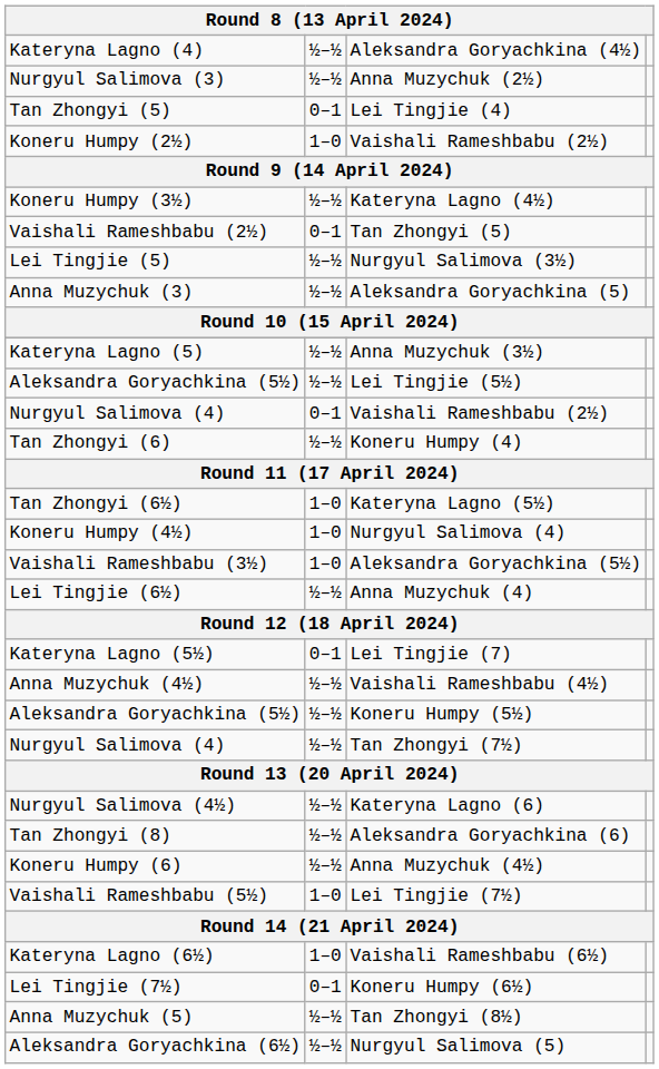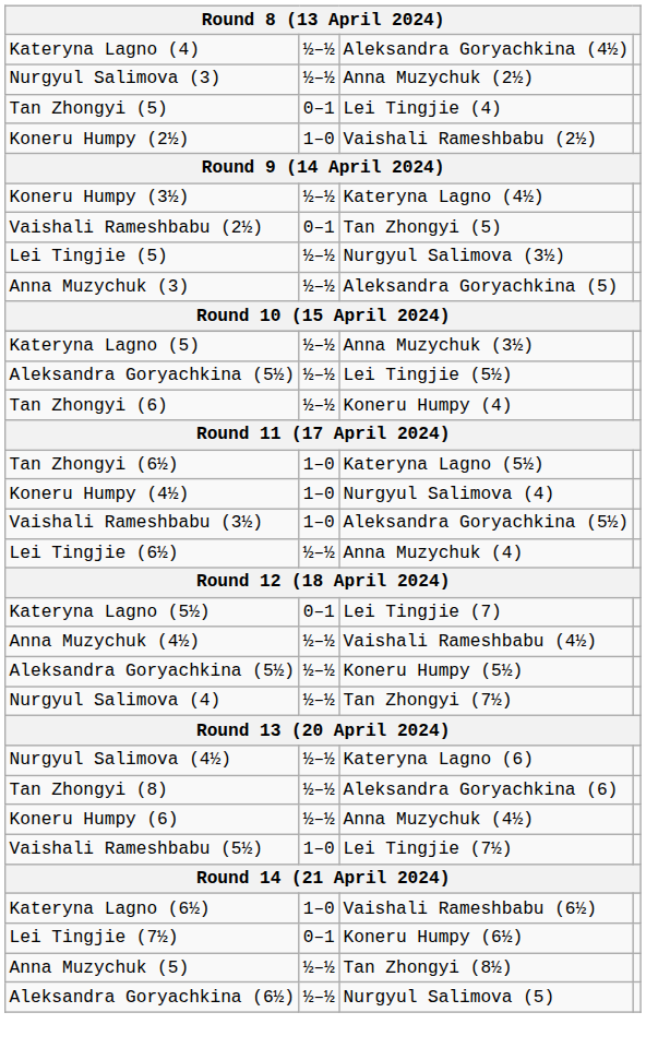 <table class="wikitable mw-collapsible" style="display:inline-table; font-size: 90%">
 <tr>
 <th colspan="4">Round 8 (13 April 2024)</th>
 </tr>
 <tr>
 <td>Kateryna Lagno (4)</td>
 <td>½–½</td>
 <td>Aleksandra Goryachkina (4½)</td>
 <td></td>
 </tr>
 <tr>
 <td>Nurgyul Salimova (3)</td>
 <td>½–½</td>
 <td>Anna Muzychuk (2½)</td>
 <td></td>
 </tr>
 <tr>
 <td>Tan Zhongyi (5)</td>
 <td>0–1</td>
 <td>Lei Tingjie (4)</td>
 <td></td>
 </tr>
 <tr>
 <td>Koneru Humpy (2½)</td>
 <td>1–0</td>
 <td>Vaishali Rameshbabu (2½)</td>
 <td></td>
 </tr>
 <tr>
 <th colspan="4">Round 9 (14 April 2024)</th>
 </tr>
 <tr>
 <td>Koneru Humpy (3½)</td>
 <td>½–½</td>
 <td>Kateryna Lagno (4½)</td>
 <td></td>
 </tr>
 <tr>
 <td>Vaishali Rameshbabu (2½)</td>
 <td>0–1</td>
 <td>Tan Zhongyi (5)</td>
 <td></td>
 </tr>
 <tr>
 <td>Lei Tingjie (5)</td>
 <td>½–½</td>
 <td>Nurgyul Salimova (3½)</td>
 <td></td>
 </tr>
 <tr>
 <td>Anna Muzychuk (3)</td>
 <td>½–½</td>
 <td>Aleksandra Goryachkina (5)</td>
 <td></td>
 </tr>
 <tr>
 <th colspan="4">Round 10 (15 April 2024)</th>
 </tr>
 <tr>
 </tr>
 <tr>
 <td>Kateryna Lagno (5)</td>
 <td>½–½</td>
 <td>Anna Muzychuk (3½)</td>
 <td></td>
 </tr>
 <tr>
 <td>Aleksandra Goryachkina (5½)</td>
 <td>½–½</td>
 <td>Lei Tingjie (5½)</td>
-<td></td>
-</tr>
-<tr>
-<td>Nurgyul Salimova (4)</td>
-<td>0–1</td>
-<td>Vaishali Rameshbabu (2½)</td>
 <td></td>
 </tr>
 <tr>
 <td>Tan Zhongyi (6)</td>
 <td>½–½</td>
 <td>Koneru Humpy (4)</td>
 <td></td>
 </tr>
 <tr>
 <th colspan="4">Round 11 (17 April 2024)</th>
 </tr>
 <tr>
 <td>Tan Zhongyi (6½)</td>
 <td>1–0</td>
 <td>Kateryna Lagno (5½)</td>
 <td></td>
 </tr>
 <tr>
 <td>Koneru Humpy (4½)</td>
 <td>1–0</td>
 <td>Nurgyul Salimova (4)</td>
 <td></td>
 </tr>
 <tr>
 <td>Vaishali Rameshbabu (3½)</td>
 <td>1–0</td>
 <td>Aleksandra Goryachkina (5½)</td>
 <td></td>
 </tr>
 <tr>
 <td>Lei Tingjie (6½)</td>
 <td>½–½</td>
 <td>Anna Muzychuk (4)</td>
 <td></td>
 </tr>
 <tr>
 <th colspan="4">Round 12 (18 April 2024)</th>
 </tr>
 <tr>
 <td>Kateryna Lagno (5½)</td>
 <td>0–1</td>
 <td>Lei Tingjie (7)</td>
 <td></td>
 </tr>
 <tr>
 <td>Anna Muzychuk (4½)</td>
 <td>½–½</td>
 <td>Vaishali Rameshbabu (4½)</td>
 <td></td>
 </tr>
 <tr>
 <td>Aleksandra Goryachkina (5½)</td>
 <td>½–½</td>
 <td>Koneru Humpy (5½)</td>
 <td></td>
 </tr>
 <tr>
 <td>Nurgyul Salimova (4)</td>
 <td>½–½</td>
 <td>Tan Zhongyi (7½)</td>
 <td></td>
 </tr>
 <tr>
 <th colspan="4">Round 13 (20 April 2024)</th>
 </tr>
 <tr>
 <td>Nurgyul Salimova (4½)</td>
 <td>½–½</td>
 <td>Kateryna Lagno (6)</td>
 <td></td>
 </tr>
 <tr>
 <td>Tan Zhongyi (8)</td>
 <td>½–½</td>
 <td>Aleksandra Goryachkina (6)</td>
 <td></td>
 </tr>
 <tr>
 <td>Koneru Humpy (6)</td>
 <td>½–½</td>
 <td>Anna Muzychuk (4½)</td>
 <td></td>
 </tr>
 <tr>
 <td>Vaishali Rameshbabu (5½)</td>
 <td>1–0</td>
 <td>Lei Tingjie (7½)</td>
 <td></td>
 </tr>
 <tr>
 <th colspan="4">Round 14 (21 April 2024)</th>
 </tr>
 <tr>
 <td>Kateryna Lagno (6½)</td>
 <td>1–0</td>
 <td>Vaishali Rameshbabu (6½)</td>
 <td></td>
 </tr>
 <tr>
 <td>Lei Tingjie (7½)</td>
 <td>0–1</td>
 <td>Koneru Humpy (6½)</td>
 <td></td>
 </tr>
 <tr>
 <td>Anna Muzychuk (5)</td>
 <td>½–½</td>
 <td>Tan Zhongyi (8½)</td>
 <td></td>
 </tr>
 <tr>
 <td>Aleksandra Goryachkina (6½)</td>
 <td>½–½</td>
 <td>Nurgyul Salimova (5)</td>
 <td></td>
 </tr>
 </table>
